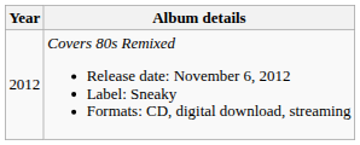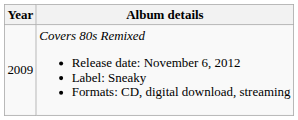 <table class="wikitable" style="text-align:center;">
 <tr>
 <th>Year</th>
 <th>Album details</th>
 </tr>
 <tr>
-<td>2012</td>
+<td>2009</td>
 <td style="text-align:left;"><em>Covers 80s Remixed</em><br><ul><li>Release date: November 6, 2012</li><li>Label: Sneaky</li><li>Formats: CD, digital download, streaming</li></ul></td>
 </tr>
 </table>
